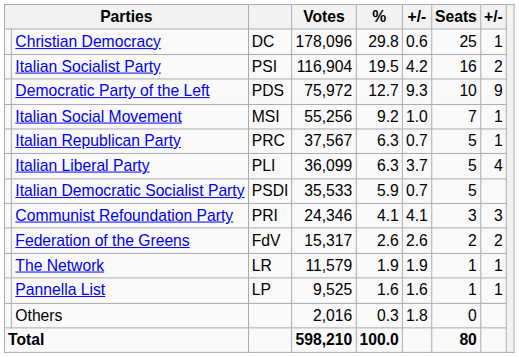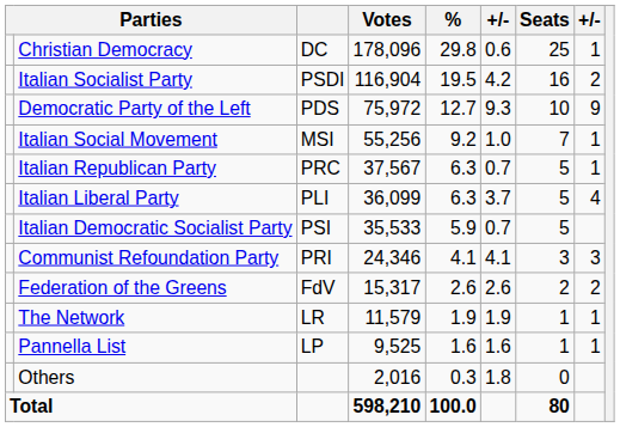 <table class="wikitable">
 <tr>
 <th colspan="2">Parties</th>
 <th></th>
 <th>Votes</th>
 <th>%</th>
 <th>+/-</th>
 <th>Seats</th>
 <th>+/-</th>
 <th rowspan="14"></th>
 </tr>
 <tr>
 <td style="background-color:"></td>
 <td><a href='#'>Christian Democracy</a></td>
 <td>DC</td>
 <td align=right>178,096</td>
 <td align=right>29.8</td>
 <td align=right> 0.6</td>
 <td align=right>25</td>
 <td align=right> 1</td>
 </tr>
 <tr>
 <td style="background-color:"></td>
 <td><a href='#'>Italian Socialist Party</a></td>
-<td>PSI</td>
+<td>PSDI</td>
 <td align=right>116,904</td>
 <td align=right>19.5</td>
 <td align=right> 4.2</td>
 <td align=right>16</td>
 <td align=right> 2</td>
 </tr>
 <tr>
 <td style="background-color:"></td>
 <td><a href='#'>Democratic Party of the Left</a></td>
 <td>PDS</td>
 <td align=right>75,972</td>
 <td align=right>12.7</td>
 <td align=right> 9.3</td>
 <td align=right>10</td>
 <td align=right> 9</td>
 </tr>
 <tr>
 <td style="background-color:"></td>
 <td><a href='#'>Italian Social Movement</a></td>
 <td>MSI</td>
 <td align=right>55,256</td>
 <td align=right>9.2</td>
 <td align=right> 1.0</td>
 <td align=right>7</td>
 <td align=right> 1</td>
 </tr>
 <tr>
 <td style="background-color:"></td>
 <td><a href='#'>Italian Republican Party</a></td>
 <td>PRC</td>
 <td align=right>37,567</td>
 <td align=right>6.3</td>
 <td align=right> 0.7</td>
 <td align=right>5</td>
 <td align=right> 1</td>
 </tr>
 <tr>
 <td style="background-color:"></td>
 <td><a href='#'>Italian Liberal Party</a></td>
 <td>PLI</td>
 <td align=right>36,099</td>
 <td align=right>6.3</td>
 <td align=right> 3.7</td>
 <td align=right>5</td>
 <td align=right> 4</td>
 </tr>
 <tr>
 <td style="background-color:"></td>
 <td><a href='#'>Italian Democratic Socialist Party</a></td>
-<td>PSDI</td>
+<td>PSI</td>
 <td align=right>35,533</td>
 <td align=right>5.9</td>
 <td align=right> 0.7</td>
 <td align=right>5</td>
 <td align=right></td>
 </tr>
 <tr>
 <td style="background-color:"></td>
 <td><a href='#'>Communist Refoundation Party</a></td>
 <td>PRI</td>
 <td align=right>24,346</td>
 <td align=right>4.1</td>
 <td align=right> 4.1</td>
 <td align=right>3</td>
 <td align=right> 3</td>
 </tr>
 <tr>
 <td style="background-color:"></td>
 <td><a href='#'>Federation of the Greens</a></td>
 <td>FdV</td>
 <td align=right>15,317</td>
 <td align=right>2.6</td>
 <td align=right> 2.6</td>
 <td align=right>2</td>
 <td align=right> 2</td>
 </tr>
 <tr>
 <td style="background-color:"></td>
 <td><a href='#'>The Network</a></td>
 <td>LR</td>
 <td align=right>11,579</td>
 <td align=right>1.9</td>
 <td align=right> 1.9</td>
 <td align=right>1</td>
 <td align=right> 1</td>
 </tr>
 <tr>
 <td style="background-color:"></td>
 <td><a href='#'>Pannella List</a></td>
 <td>LP</td>
 <td align=right>9,525</td>
 <td align=right>1.6</td>
 <td align=right> 1.6</td>
 <td align=right>1</td>
 <td align=right> 1</td>
 </tr>
 <tr>
 <td style="background-color:"></td>
 <td>Others</td>
 <td></td>
 <td align=right>2,016</td>
 <td align=right>0.3</td>
 <td align=right> 1.8</td>
 <td align=right>0</td>
 <td align=right></td>
 </tr>
 <tr>
 <td colspan="2"><strong>Total</strong></td>
 <td></td>
 <td align=right><strong>598,210</strong></td>
 <td align=right><strong>100.0</strong></td>
 <td align=right></td>
 <td align=right><strong>80</strong></td>
 <td align=right></td>
 </tr>
 </table>
